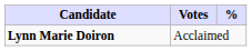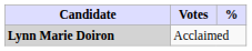 <table class="wikitable">
 <tr>
 <th style="background:#ddf; width:200px;">Candidate</th>
 <th style="background:#ddf; width:50px;">Votes</th>
 <th style="background:#ddf; width:30px;">%</th>
 </tr>
 <tr>
-<td><strong>Lynn Marie Doiron</strong></td>
+<td style="background: lightgrey;"><strong>Lynn Marie Doiron</strong></td>
 <td colspan="2">Acclaimed</td>
 </tr>
 </table>
